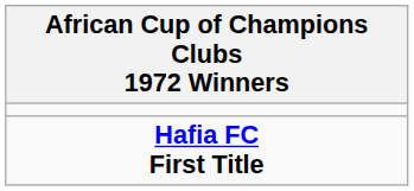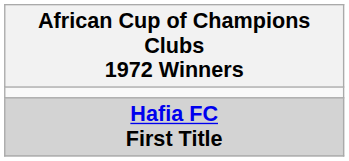 <table class="wikitable" style="text-align: center; margin: 0 auto; width: 20%">
 <tr>
 <th>African Cup of Champions Clubs<br>1972 Winners</th>
 </tr>
 <tr>
 <td></td>
 </tr>
 <tr>
-<td><strong><a href='#'>Hafia FC</a></strong><br><strong>First Title</strong></td>
+<td style="background: lightgrey;"><strong><a href='#'>Hafia FC</a></strong><br><strong>First Title</strong></td>
 </tr>
 </table>
